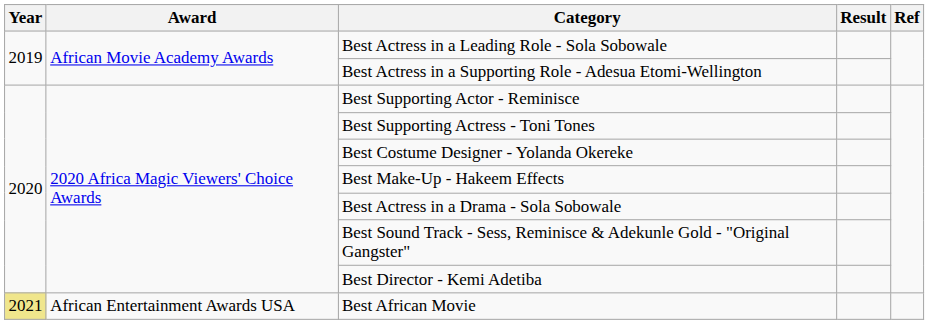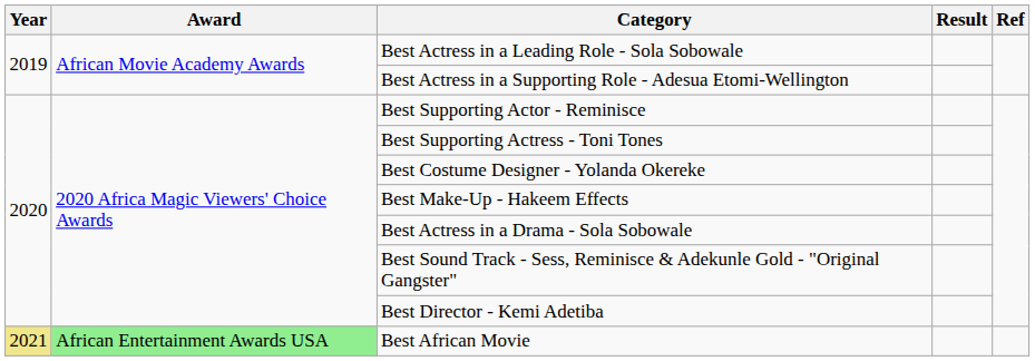 <table class="wikitable">
 <tr>
 <th>Year</th>
 <th>Award</th>
 <th>Category</th>
 <th>Result</th>
 <th>Ref</th>
 </tr>
 <tr>
 <td rowspan="2">2019</td>
 <td rowspan="2"><a href='#'>African Movie Academy Awards</a></td>
 <td>Best Actress in a Leading Role - Sola Sobowale</td>
 <td></td>
 <td rowspan="2"></td>
 </tr>
 <tr>
 <td>Best Actress in a Supporting Role - Adesua Etomi-Wellington</td>
 <td></td>
 </tr>
 <tr>
 <td rowspan="7">2020</td>
 <td rowspan="7"><a href='#'>2020 Africa Magic Viewers' Choice Awards</a></td>
 <td>Best Supporting Actor - Reminisce</td>
 <td></td>
 <td rowspan="7"></td>
 </tr>
 <tr>
 <td>Best Supporting Actress - Toni Tones</td>
 <td></td>
 </tr>
 <tr>
 <td>Best Costume Designer - Yolanda Okereke</td>
 <td></td>
 </tr>
 <tr>
 <td>Best Make-Up - Hakeem Effects</td>
 <td></td>
 </tr>
 <tr>
 <td>Best Actress in a Drama - Sola Sobowale</td>
 <td></td>
 </tr>
 <tr>
 <td>Best Sound Track - Sess, Reminisce & Adekunle Gold - "Original Gangster"</td>
 <td></td>
 </tr>
 <tr>
 <td>Best Director - Kemi Adetiba</td>
 <td></td>
 </tr>
 <tr>
 <td rowspan="1" style="background: khaki;">2021</td>
-<td>African Entertainment Awards USA</td>
+<td style="background: lightgreen;">African Entertainment Awards USA</td>
 <td>Best African Movie</td>
 <td></td>
 <td></td>
 </tr>
 </table>
